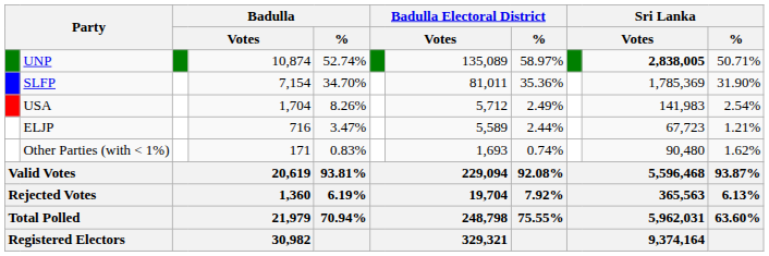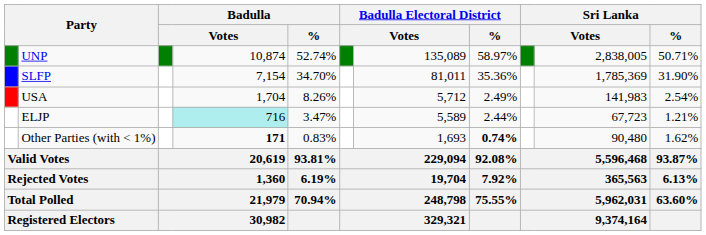 <table class="wikitable">
 <tr>
 <th colspan="2" width="144px"rowspan="2">Party</th>
 <th colspan="3" width="216px">Badulla</th>
 <th colspan="3" width="216px"><a href='#'>Badulla Electoral District</a></th>
 <th colspan="3" width="216px">Sri Lanka</th>
 </tr>
 <tr>
 <th colspan="2" width="144px">Votes</th>
 <th>%</th>
 <th colspan="2" width="144px">Votes</th>
 <th>%</th>
 <th colspan="2" width="144px">Votes</th>
 <th>%</th>
 </tr>
 <tr>
 <td style="background-color:green;" width="10px"></td>
 <td style="text-align:left;"><a href='#'>UNP</a></td>
 <td style="background-color:green;" width="10px"></td>
 <td style="text-align:right;">10,874</td>
 <td style="text-align:right;">52.74%</td>
 <td style="background-color:green;" width="10px"></td>
 <td style="text-align:right;">135,089</td>
 <td style="text-align:right;">58.97%</td>
 <td style="background-color:green;" width="10px"></td>
-<td style="text-align:right;"><strong>2,838,005</strong></td>
+<td style="text-align:right;">2,838,005</td>
 <td style="text-align:right;">50.71%</td>
 </tr>
 <tr>
 <td style="background-color:blue;" width="10px"></td>
 <td style="text-align:left;"><a href='#'>SLFP</a></td>
 <td style="background-color:white;" width="10px"></td>
 <td style="text-align:right;">7,154</td>
 <td style="text-align:right;">34.70%</td>
 <td style="background-color:white;" width="10px"></td>
 <td style="text-align:right;">81,011</td>
 <td style="text-align:right;">35.36%</td>
 <td style="background-color:white;" width="10px"></td>
 <td style="text-align:right;">1,785,369</td>
 <td style="text-align:right;">31.90%</td>
 </tr>
 <tr>
 <td style="background-color:red;" width="10px"></td>
 <td style="text-align:left;">USA</td>
 <td style="background-color:white;" width="10px"></td>
 <td style="text-align:right;">1,704</td>
 <td style="text-align:right;">8.26%</td>
 <td style="background-color:white;" width="10px"></td>
 <td style="text-align:right;">5,712</td>
 <td style="text-align:right;">2.49%</td>
 <td style="background-color:white;" width="10px"></td>
 <td style="text-align:right;">141,983</td>
 <td style="text-align:right;">2.54%</td>
 </tr>
 <tr>
 <td style="background-color:white;" width="10px"></td>
 <td style="text-align:left;">ELJP</td>
 <td style="background-color:white;" width="10px"></td>
-<td style="text-align:right;">716</td>
+<td style="background: paleturquoise; text-align:right;">716</td>
 <td style="text-align:right;">3.47%</td>
 <td style="background-color:white;" width="10px"></td>
 <td style="text-align:right;">5,589</td>
 <td style="text-align:right;">2.44%</td>
 <td style="background-color:white;" width="10px"></td>
 <td style="text-align:right;">67,723</td>
 <td style="text-align:right;">1.21%</td>
 </tr>
 <tr>
 <td style="background-color:white;" width="10px"></td>
 <td style="text-align:left;">Other Parties (with < 1%)</td>
 <td style="background-color:white;" width="10px"></td>
-<td style="text-align:right;">171</td>
+<td style="text-align:right;"><strong>171</strong></td>
 <td style="text-align:right;">0.83%</td>
 <td style="background-color:white;" width="10px"></td>
 <td style="text-align:right;">1,693</td>
-<td style="text-align:right;">0.74%</td>
+<td style="text-align:right;"><strong>0.74%</strong></td>
 <td style="background-color:white;" width="10px"></td>
 <td style="text-align:right;">90,480</td>
 <td style="text-align:right;">1.62%</td>
 </tr>
 <tr>
 <th colspan="2" width="144px"style="text-align:left;">Valid Votes</th>
 <th style="text-align:right;"colspan="2" width="144px">20,619</th>
 <th style="text-align:right;">93.81%</th>
 <th style="text-align:right;"colspan="2" width="144px">229,094</th>
 <th style="text-align:right;">92.08%</th>
 <th style="text-align:right;"colspan="2" width="144px">5,596,468</th>
 <th style="text-align:right;">93.87%</th>
 </tr>
 <tr>
 <th colspan="2" width="144px"style="text-align:left;">Rejected Votes</th>
 <th style="text-align:right;"colspan="2" width="144px">1,360</th>
 <th style="text-align:right;">6.19%</th>
 <th style="text-align:right;"colspan="2" width="144px">19,704</th>
 <th style="text-align:right;">7.92%</th>
 <th style="text-align:right;"colspan="2" width="144px">365,563</th>
 <th style="text-align:right;">6.13%</th>
 </tr>
 <tr>
 <th colspan="2" width="144px"style="text-align:left;">Total Polled</th>
 <th style="text-align:right;"colspan="2" width="144px">21,979</th>
 <th style="text-align:right;">70.94%</th>
 <th style="text-align:right;"colspan="2" width="144px">248,798</th>
 <th style="text-align:right;">75.55%</th>
 <th style="text-align:right;"colspan="2" width="144px">5,962,031</th>
 <th style="text-align:right;">63.60%</th>
 </tr>
 <tr>
 <th colspan="2" width="144px"style="text-align:left;">Registered Electors</th>
 <th style="text-align:right;"colspan="2" width="144px">30,982</th>
 <th></th>
 <th style="text-align:right;"colspan="2" width="144px">329,321</th>
 <th></th>
 <th style="text-align:right;"colspan="2" width="144px">9,374,164</th>
 <th></th>
 </tr>
 </table>
